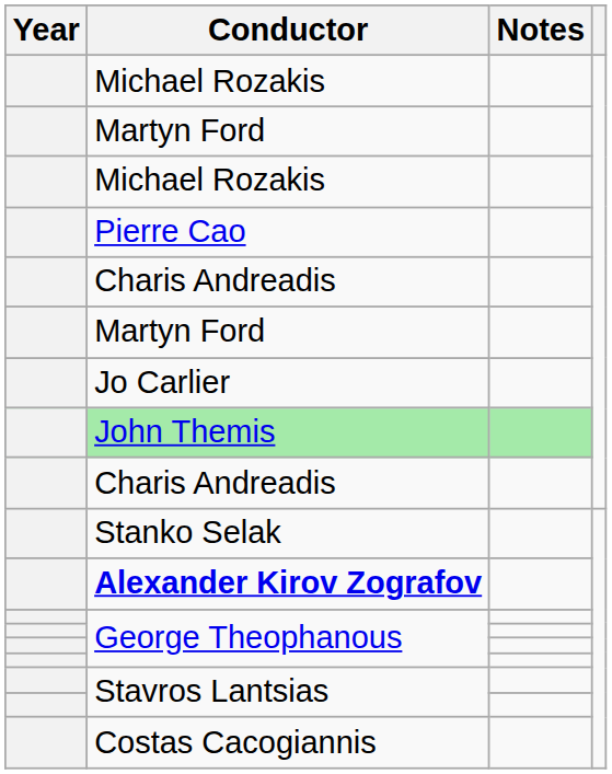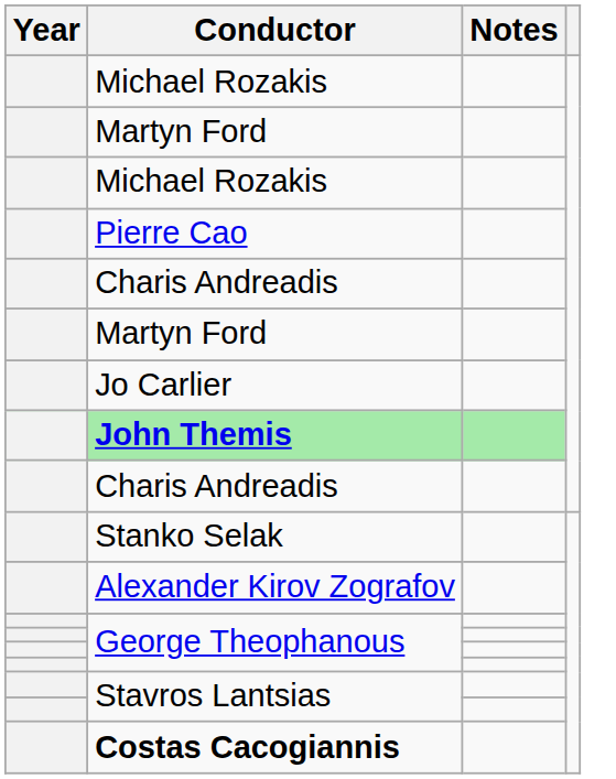 <table class="wikitable plainrowheaders">
 <tr>
 <th>Year</th>
 <th>Conductor</th>
 <th>Notes</th>
 <th></th>
 </tr>
 <tr>
 <th scope="row"></th>
 <td> Michael Rozakis</td>
 <td></td>
 <td rowspan="9"></td>
 </tr>
 <tr>
 <th scope="row"></th>
 <td> Martyn Ford</td>
 <td></td>
 </tr>
 <tr>
 <th scope="row"></th>
 <td> Michael Rozakis</td>
 <td></td>
 </tr>
 <tr>
 <th scope="row"></th>
 <td> <a href='#'>Pierre Cao</a></td>
 <td></td>
 </tr>
 <tr>
 <th scope="row"></th>
 <td> Charis Andreadis</td>
 <td></td>
 </tr>
 <tr>
 <th scope="row"></th>
 <td> Martyn Ford</td>
 <td></td>
 </tr>
 <tr>
 <th scope="row"></th>
 <td> Jo Carlier</td>
 <td></td>
 </tr>
 <tr bgcolor="A4EAA9">
 <th scope="row"></th>
-<td> <a href='#'>John Themis</a></td>
+<td><strong> <a href='#'>John Themis</a></strong></td>
 <td></td>
 </tr>
 <tr>
 <th scope="row"></th>
 <td> Charis Andreadis</td>
 <td></td>
 </tr>
 <tr>
 <th scope="row"></th>
 <td> Stanko Selak</td>
 <td></td>
 <td rowspan="9"></td>
 </tr>
 <tr>
 <th scope="row"></th>
-<td><strong> <a href='#'>Alexander Kirov Zografov</a></strong></td>
+<td> <a href='#'>Alexander Kirov Zografov</a></td>
 <td></td>
 </tr>
 <tr>
 <th scope="row"></th>
 <td rowspan="4"><a href='#'>George Theophanous</a></td>
 <td></td>
 </tr>
 <tr>
 <th scope="row"></th>
 <td></td>
 </tr>
 <tr>
 <th scope="row"></th>
 <td></td>
 </tr>
 <tr>
 <th scope="row"></th>
 <td></td>
 </tr>
 <tr>
 <th scope="row"></th>
 <td rowspan="2">Stavros Lantsias</td>
 <td></td>
 </tr>
 <tr>
 <th scope="row"></th>
 <td></td>
 </tr>
 <tr>
 <th scope="row"></th>
-<td>Costas Cacogiannis</td>
+<td><strong>Costas Cacogiannis</strong></td>
 <td></td>
 </tr>
 </table>
